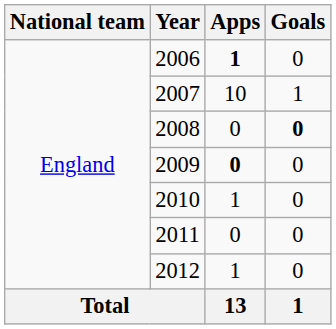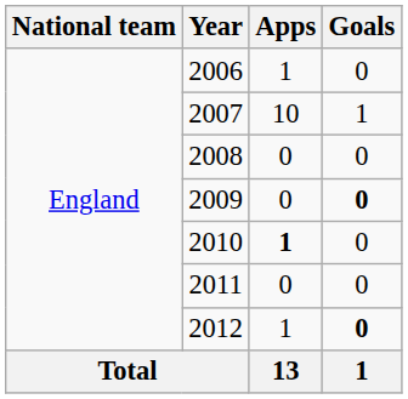 <table class=wikitable style=text-align:center>
 <tr>
 <th>National team</th>
 <th>Year</th>
 <th>Apps</th>
 <th>Goals</th>
 </tr>
 <tr>
 <td rowspan="7"><a href='#'>England</a></td>
 <td>2006</td>
-<td><strong>1</strong></td>
+<td>1</td>
 <td>0</td>
 </tr>
 <tr>
 <td>2007</td>
 <td>10</td>
 <td>1</td>
 </tr>
 <tr>
 <td>2008</td>
 <td>0</td>
+<td>0</td>
+</tr>
+<tr>
+<td>2009</td>
+<td>0</td>
 <td><strong>0</strong></td>
 </tr>
 <tr>
-<td>2009</td>
-<td><strong>0</strong></td>
-<td>0</td>
-</tr>
-<tr>
 <td>2010</td>
-<td>1</td>
+<td><strong>1</strong></td>
 <td>0</td>
 </tr>
 <tr>
 <td>2011</td>
 <td>0</td>
 <td>0</td>
 </tr>
 <tr>
 <td>2012</td>
 <td>1</td>
-<td>0</td>
+<td><strong>0</strong></td>
 </tr>
 <tr>
 <th colspan=2>Total</th>
 <th>13</th>
 <th>1</th>
 </tr>
 </table>
